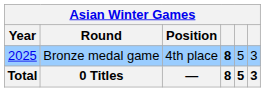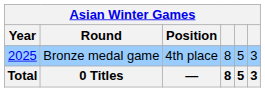 <table class="wikitable" style="text-align: center;">
 <tr>
 <th colspan=10><a href='#'>Asian Winter Games</a></th>
 </tr>
 <tr>
 <th>Year</th>
 <th>Round</th>
 <th>Position</th>
 <th></th>
 <th></th>
 <th></th>
 </tr>
 <tr style="background:#9acdff;">
 <td> <a href='#'>2025</a></td>
 <td>Bronze medal game</td>
 <td>4th place</td>
-<td><strong>8</strong></td>
+<td>8</td>
 <td>5</td>
 <td>3</td>
 </tr>
 <tr>
 <th>Total</th>
 <th>0 Titles</th>
 <th>—</th>
 <th>8</th>
 <th>5</th>
 <th>3</th>
 </tr>
 </table>
